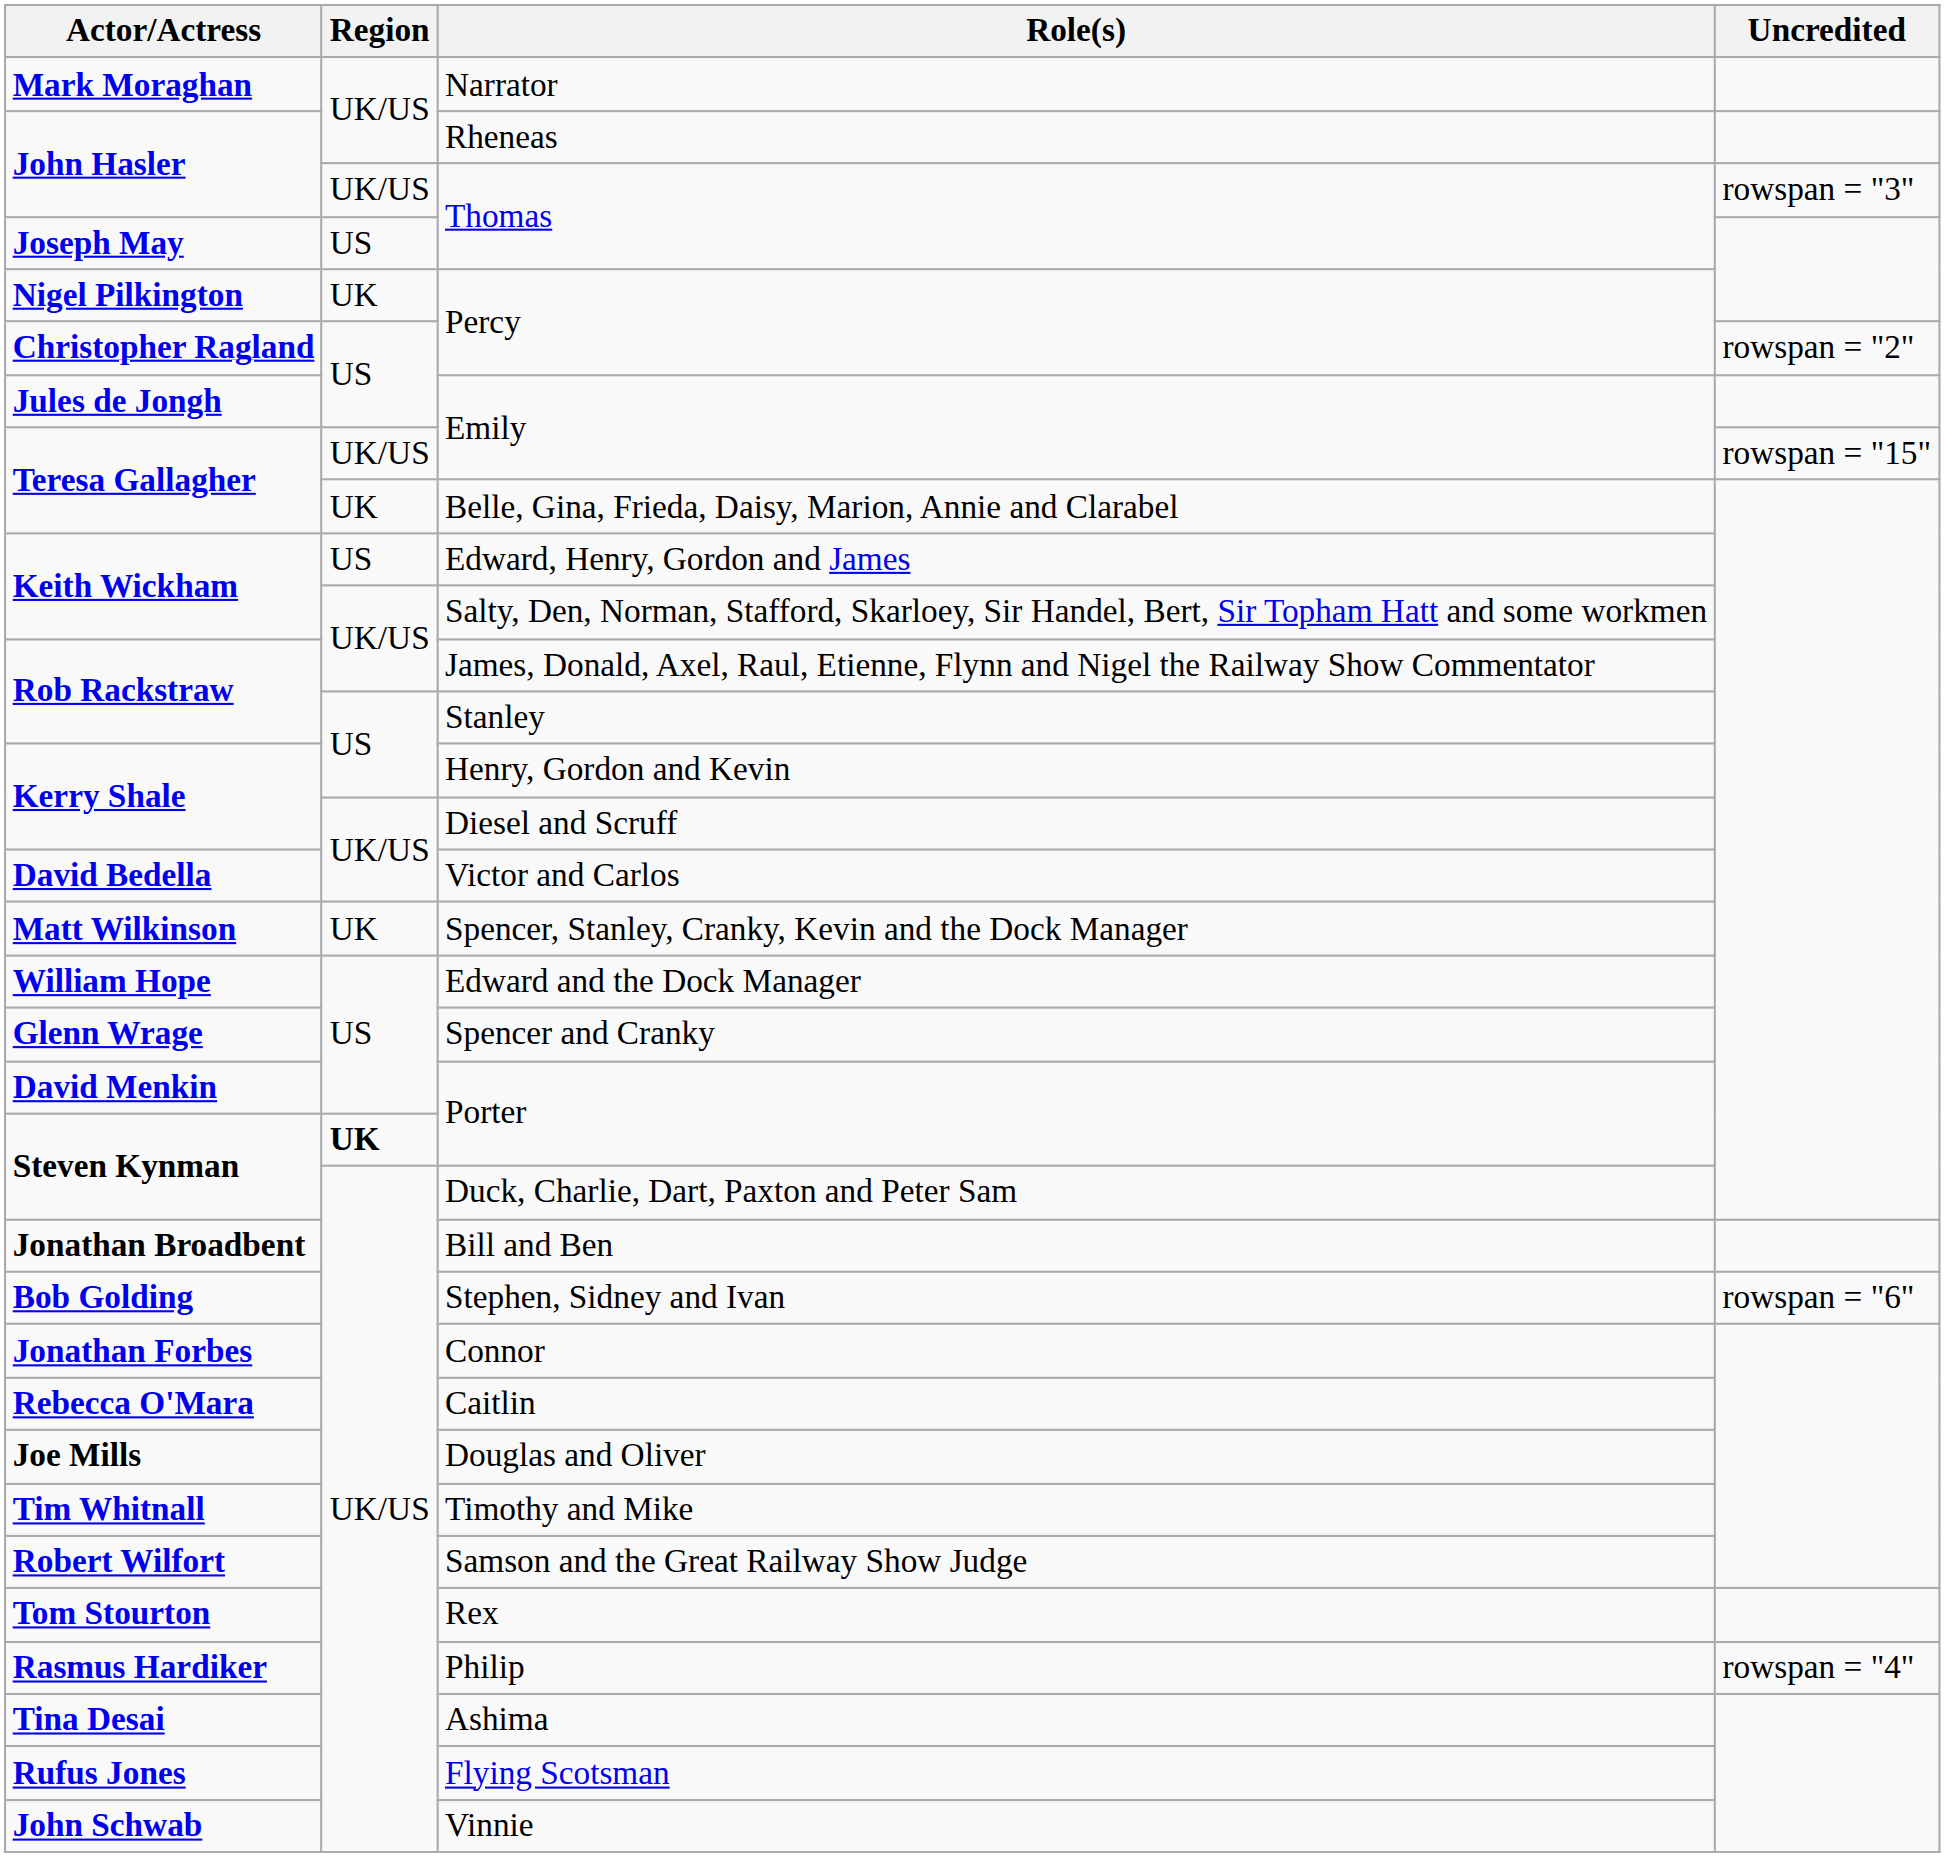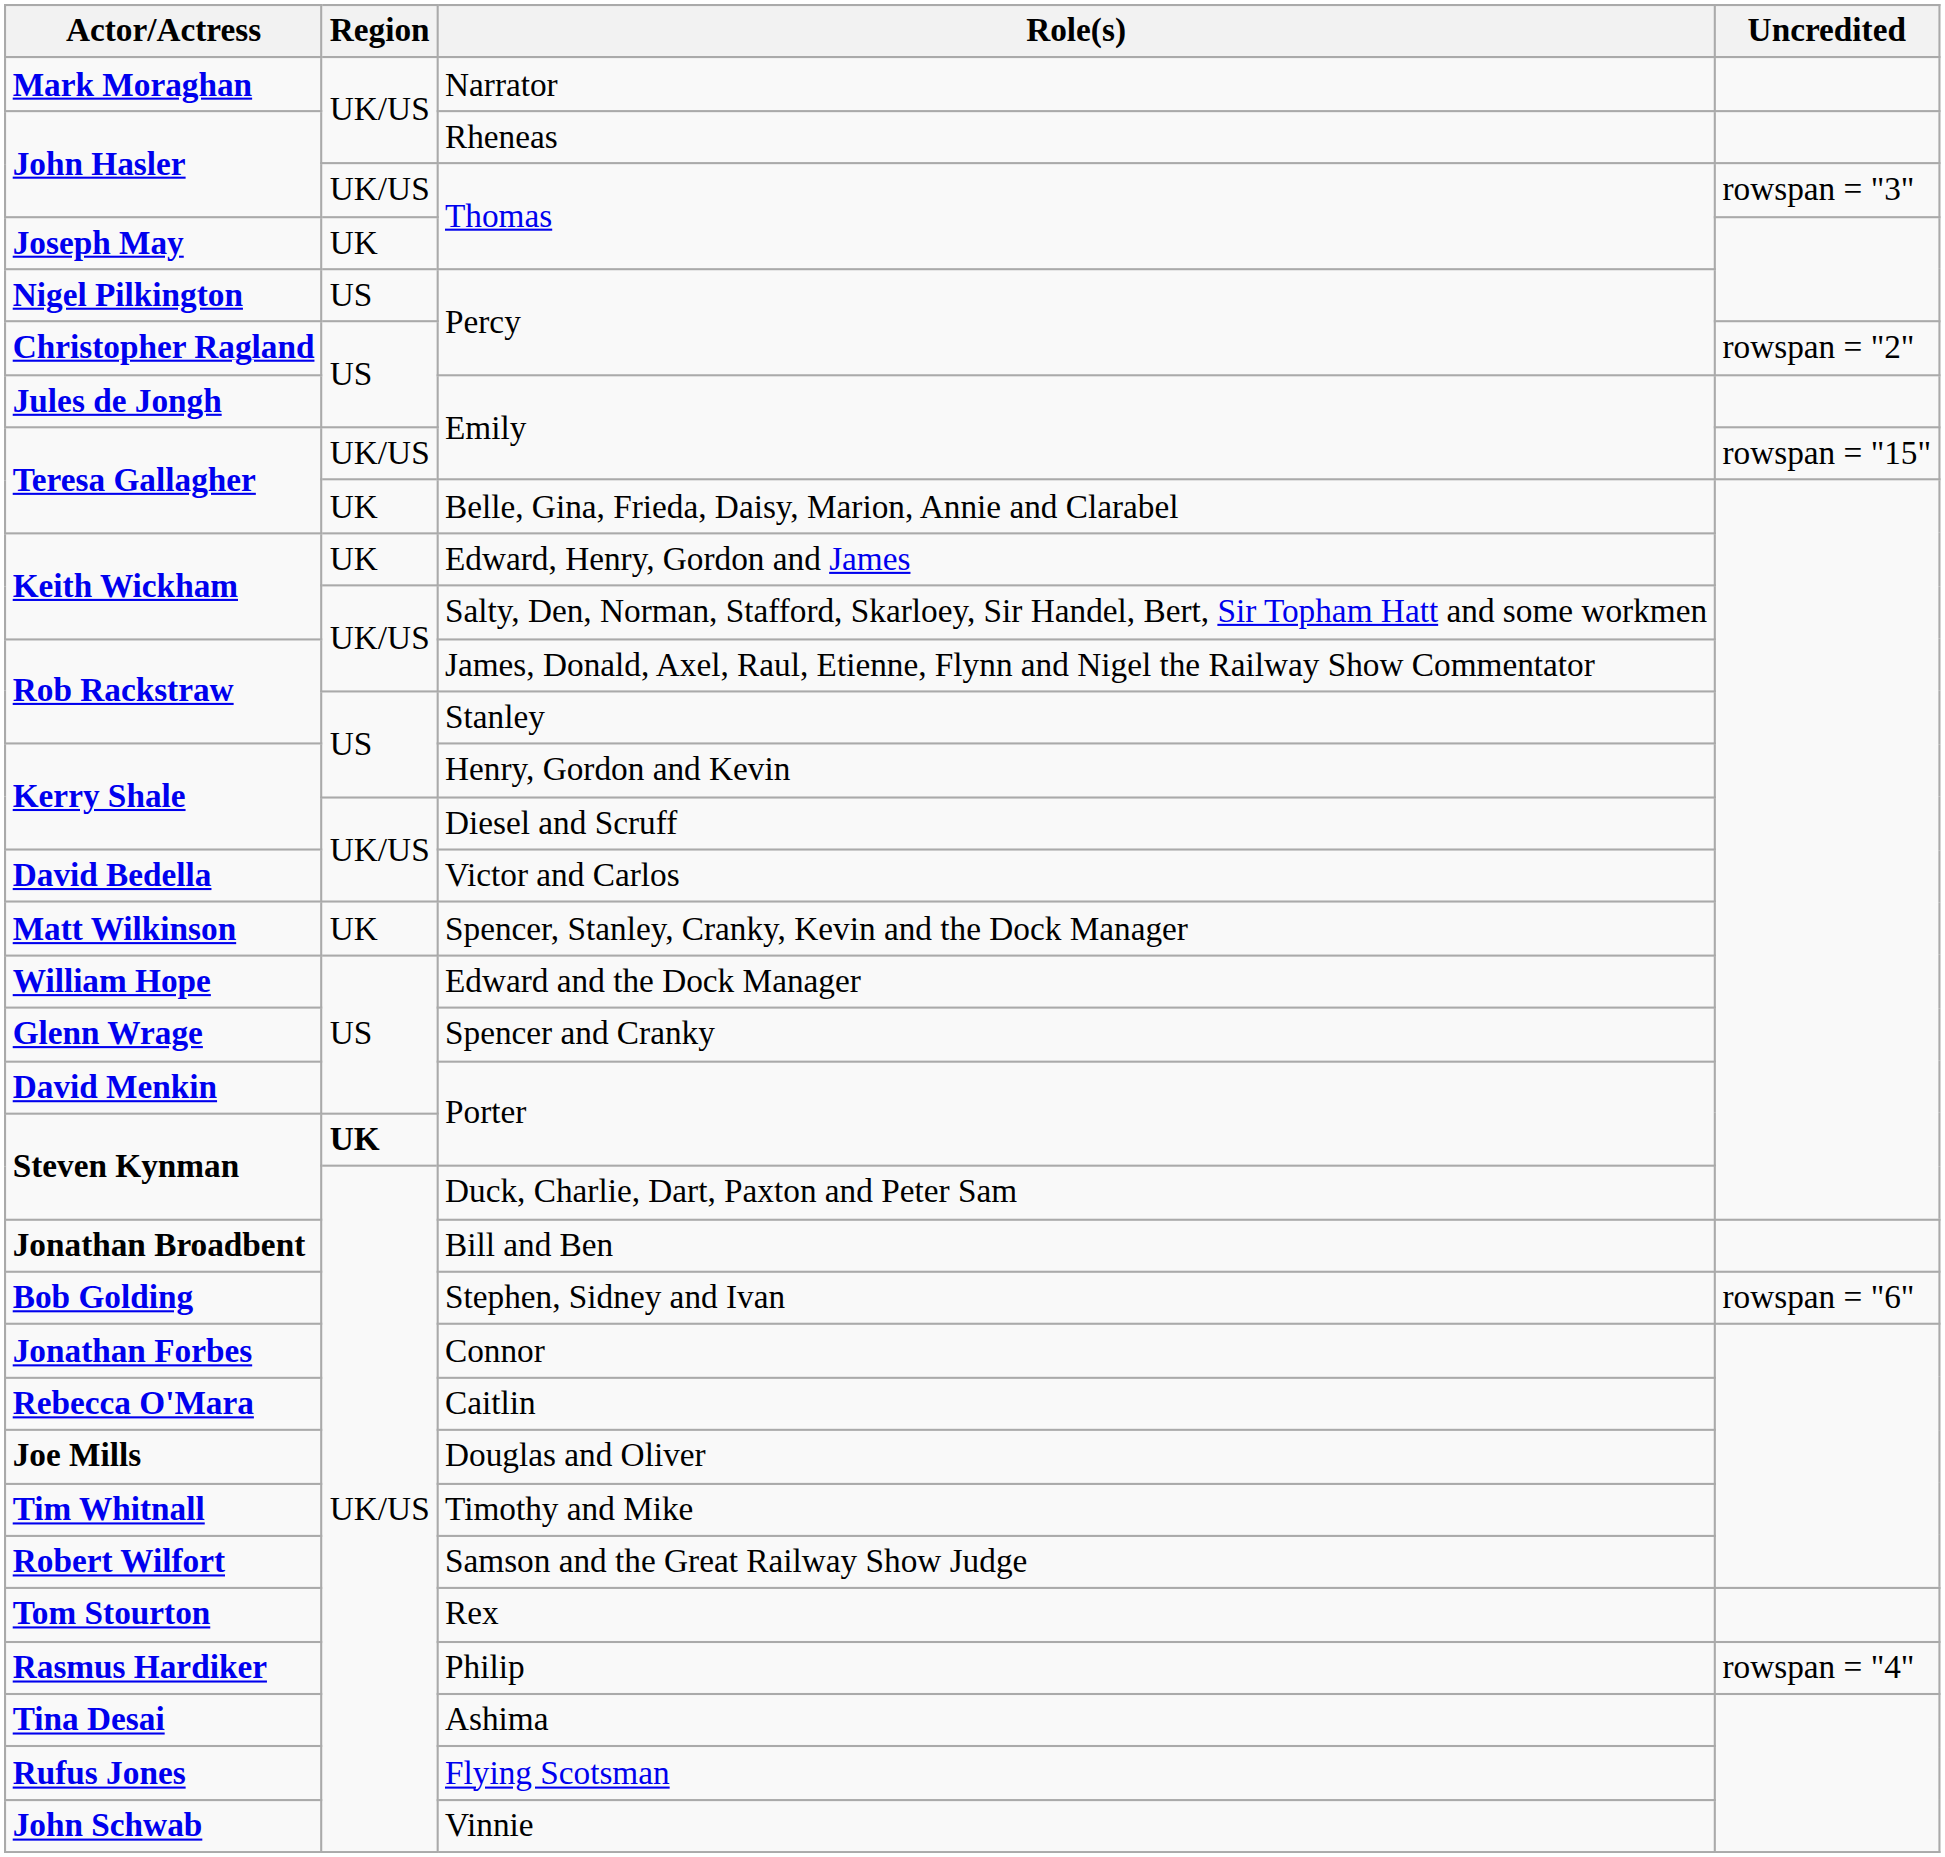 <table class="wikitable">
 <tr>
 <th>Actor/Actress</th>
 <th>Region</th>
 <th>Role(s)</th>
 <th>Uncredited</th>
 </tr>
 <tr>
 <td><strong><a href='#'>Mark Moraghan</a></strong></td>
 <td rowspan = "2">UK/US</td>
 <td>Narrator</td>
 <td></td>
 </tr>
 <tr>
 <td rowspan = "2"><strong><a href='#'>John Hasler</a></strong></td>
 <td>Rheneas</td>
 <td></td>
 </tr>
 <tr>
 <td>UK/US</td>
 <td rowspan = "2"><a href='#'>Thomas</a></td>
 <td>rowspan = "3" </td>
 </tr>
 <tr>
 <td><strong><a href='#'>Joseph May</a></strong></td>
-<td>US</td>
+<td>UK</td>
 </tr>
 <tr>
 <td><strong><a href='#'>Nigel Pilkington</a></strong></td>
-<td>UK</td>
+<td>US</td>
 <td rowspan = "2">Percy</td>
 </tr>
 <tr>
 <td><strong><a href='#'>Christopher Ragland</a></strong></td>
 <td rowspan = "2">US</td>
 <td>rowspan = "2" </td>
 </tr>
 <tr>
 <td><strong><a href='#'>Jules de Jongh</a></strong></td>
 <td rowspan = "2">Emily</td>
 </tr>
 <tr>
 <td rowspan = "2"><strong><a href='#'>Teresa Gallagher</a></strong></td>
 <td>UK/US</td>
 <td>rowspan = "15" </td>
 </tr>
 <tr>
 <td>UK</td>
 <td>Belle, Gina, Frieda, Daisy, Marion, Annie and Clarabel</td>
 </tr>
 <tr>
 <td rowspan = "2"><strong><a href='#'>Keith Wickham</a></strong></td>
-<td>US</td>
+<td>UK</td>
 <td>Edward, Henry, Gordon and <a href='#'>James</a></td>
 </tr>
 <tr>
 <td rowspan = "2">UK/US</td>
 <td>Salty, Den, Norman, Stafford, Skarloey, Sir Handel, Bert, <a href='#'>Sir Topham Hatt</a> and some workmen</td>
 </tr>
 <tr>
 <td rowspan = "2"><strong><a href='#'>Rob Rackstraw</a></strong></td>
 <td>James, Donald, Axel, Raul, Etienne, Flynn and Nigel the Railway Show Commentator</td>
 </tr>
 <tr>
 <td rowspan = "2">US</td>
 <td>Stanley</td>
 </tr>
 <tr>
 <td rowspan = "2"><strong><a href='#'>Kerry Shale</a></strong></td>
 <td>Henry, Gordon and Kevin</td>
 </tr>
 <tr>
 <td rowspan = "2">UK/US</td>
 <td>Diesel and Scruff</td>
 </tr>
 <tr>
 <td><strong><a href='#'>David Bedella</a></strong></td>
 <td>Victor and Carlos</td>
 </tr>
 <tr>
 <td><strong><a href='#'>Matt Wilkinson</a></strong></td>
 <td>UK</td>
 <td>Spencer, Stanley, Cranky, Kevin and the Dock Manager</td>
 </tr>
 <tr>
 <td><strong><a href='#'>William Hope</a></strong></td>
 <td rowspan = "3">US</td>
 <td>Edward and the Dock Manager</td>
 </tr>
 <tr>
 <td><strong><a href='#'>Glenn Wrage</a></strong></td>
 <td>Spencer and Cranky</td>
 </tr>
 <tr>
 <td><strong><a href='#'>David Menkin</a></strong></td>
 <td rowspan = "2">Porter</td>
 </tr>
 <tr>
 <td rowspan = "2"><strong>Steven Kynman</strong></td>
 <td><strong>UK</strong></td>
 </tr>
 <tr>
 <td rowspan = "13">UK/US</td>
 <td>Duck, Charlie, Dart, Paxton and Peter Sam</td>
 </tr>
 <tr>
 <td><strong>Jonathan Broadbent</strong></td>
 <td>Bill and Ben</td>
 <td></td>
 </tr>
 <tr>
 <td><strong><a href='#'>Bob Golding</a></strong></td>
 <td>Stephen, Sidney and Ivan</td>
 <td>rowspan = "6" </td>
 </tr>
 <tr>
 <td><strong><a href='#'>Jonathan Forbes</a></strong></td>
 <td>Connor</td>
 </tr>
 <tr>
 <td><strong><a href='#'>Rebecca O'Mara</a></strong></td>
 <td>Caitlin</td>
 </tr>
 <tr>
 <td><strong>Joe Mills</strong></td>
 <td>Douglas and Oliver</td>
 </tr>
 <tr>
 <td><strong><a href='#'>Tim Whitnall</a></strong></td>
 <td>Timothy and Mike</td>
 </tr>
 <tr>
 <td><strong><a href='#'>Robert Wilfort</a></strong></td>
 <td>Samson and the Great Railway Show Judge</td>
 </tr>
 <tr>
 <td><strong><a href='#'>Tom Stourton</a></strong></td>
 <td>Rex</td>
 <td></td>
 </tr>
 <tr>
 <td><strong><a href='#'>Rasmus Hardiker</a></strong></td>
 <td>Philip</td>
 <td>rowspan = "4" </td>
 </tr>
 <tr>
 <td><strong><a href='#'>Tina Desai</a></strong></td>
 <td>Ashima</td>
 </tr>
 <tr>
 <td><strong><a href='#'>Rufus Jones</a></strong></td>
 <td><a href='#'>Flying Scotsman</a></td>
 </tr>
 <tr>
 <td><strong><a href='#'>John Schwab</a></strong></td>
 <td>Vinnie</td>
 </tr>
 </table>
